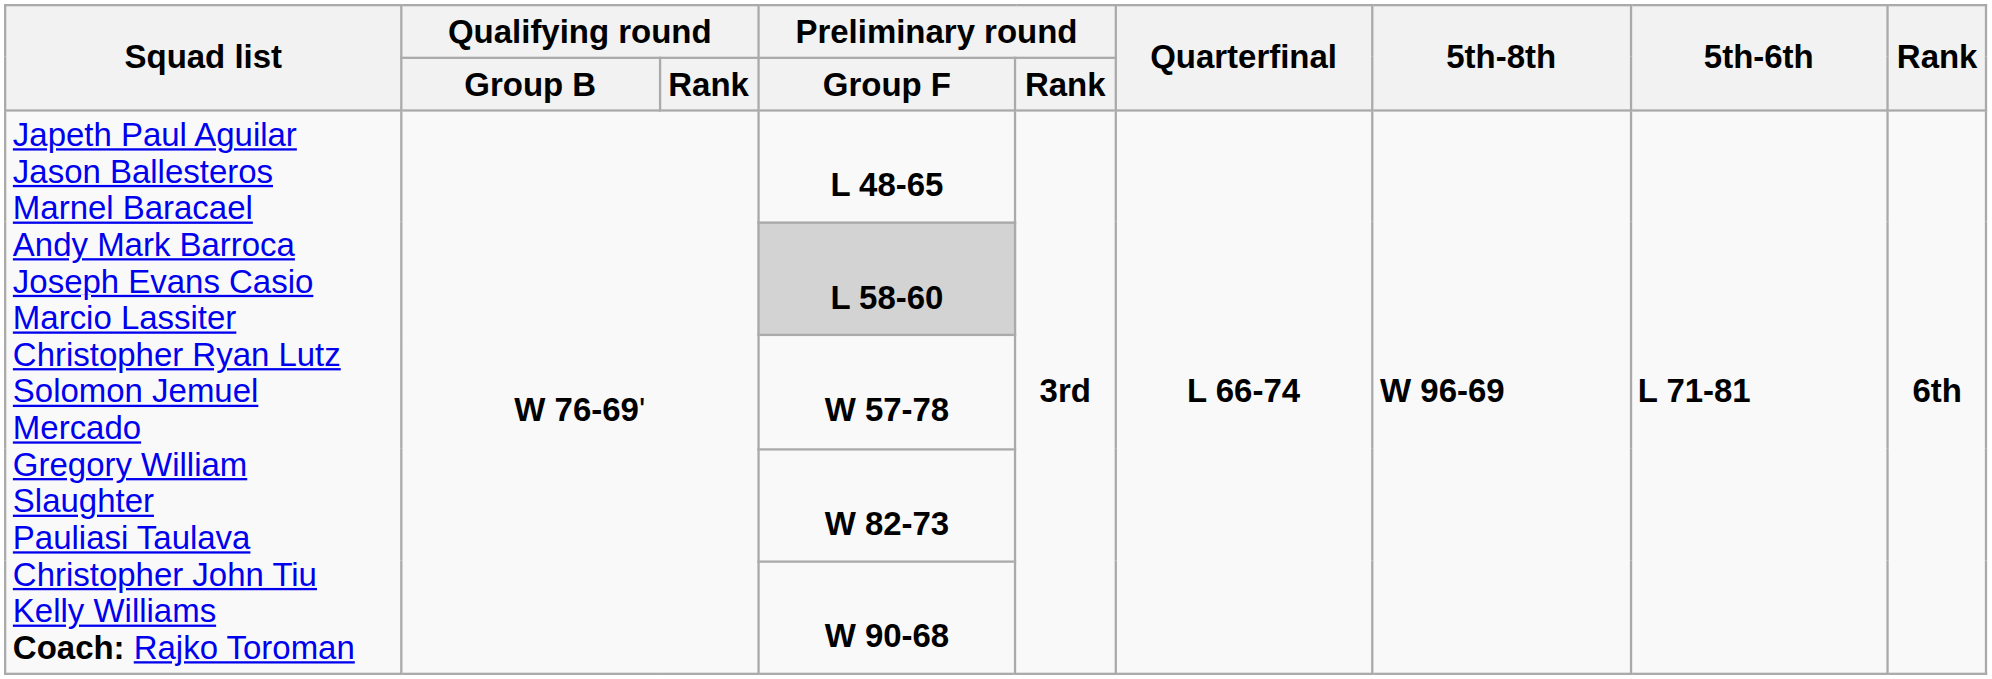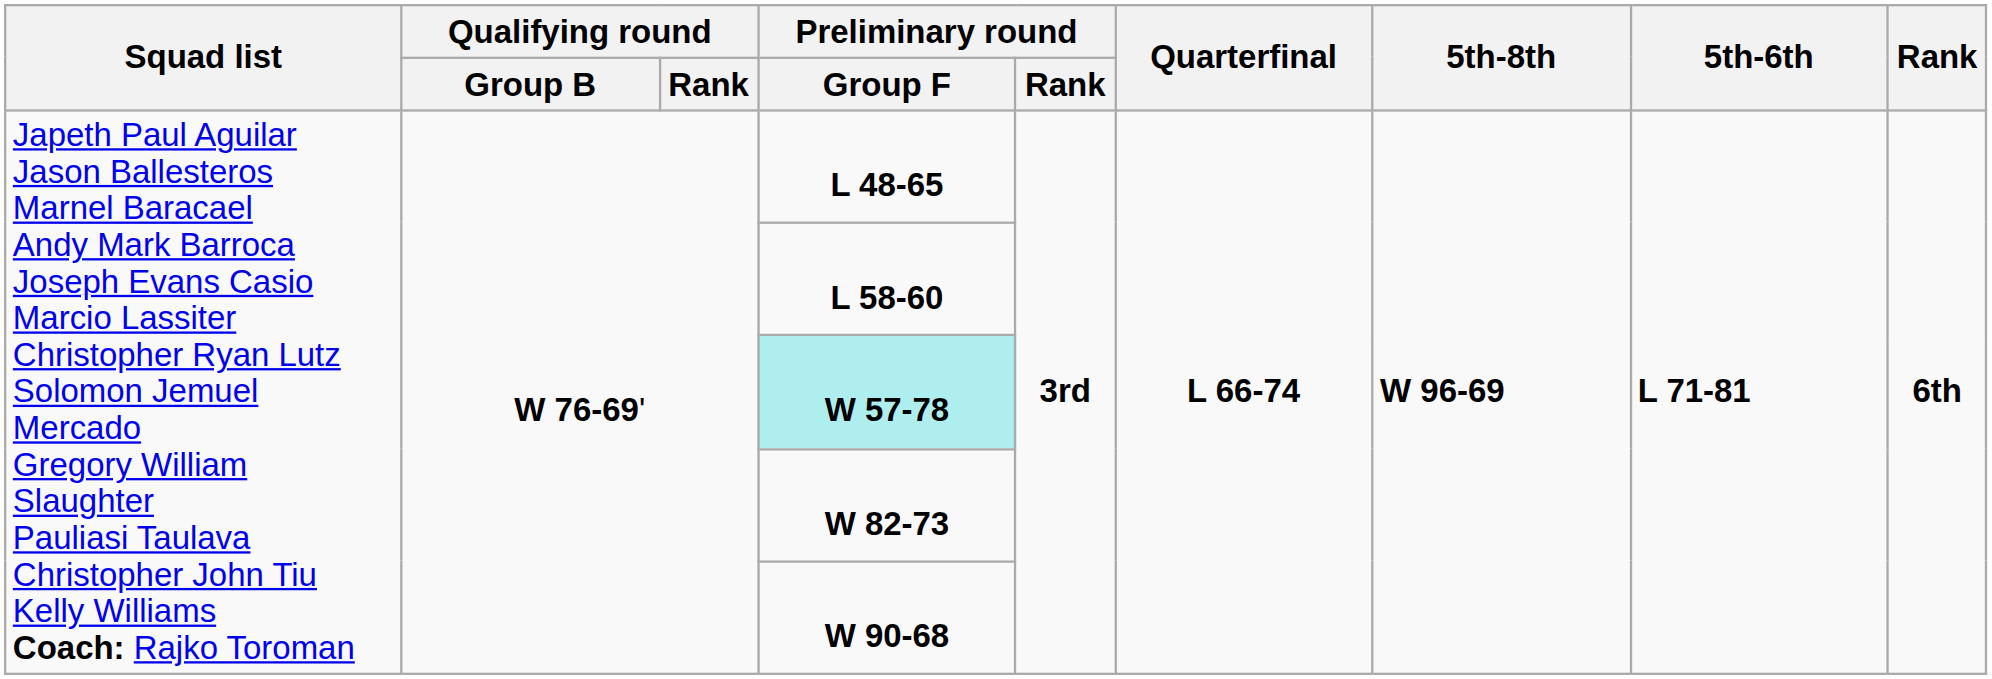 <table class="wikitable" width="98%" style="text-align:left; font-size:90%">
 <tr>
 <th rowspan="2" width="20%">Squad list</th>
 <th colspan="2">Qualifying round</th>
 <th colspan="2">Preliminary round</th>
 <th rowspan="2" width="13%">Quarterfinal</th>
 <th rowspan="2" width="13%">5th-8th</th>
 <th rowspan="2" width="13%">5th-6th</th>
 <th rowspan="2" width="5%">Rank</th>
 </tr>
 <tr>
 <th width="13%">Group B</th>
 <th width="5%">Rank</th>
 <th width="13%">Group F</th>
 <th width="5%">Rank</th>
 </tr>
 <tr>
 <td rowspan="5"><a href='#'>Japeth Paul Aguilar</a><br><a href='#'>Jason Ballesteros</a><br><a href='#'>Marnel Baracael</a><br><a href='#'>Andy Mark Barroca</a><br><a href='#'>Joseph Evans Casio</a><br><a href='#'>Marcio Lassiter</a><br><a href='#'>Christopher Ryan Lutz</a><br><a href='#'>Solomon Jemuel Mercado</a><br><a href='#'>Gregory William Slaughter</a><br><a href='#'>Pauliasi Taulava</a><br><a href='#'>Christopher John Tiu</a><br><a href='#'>Kelly Williams</a><br><strong>Coach:</strong>  <a href='#'>Rajko Toroman</a></td>
 <td rowspan="5" align="center"  colspan="2"> <br> <strong>W 76-69</strong>'</td>
 <td align=center><br> <strong>L 48-65</strong></td>
 <td rowspan="5" align=center><strong>3rd</strong></td>
 <td rowspan="5" align="center"> <strong>L 66-74</strong></td>
 <td rowspan="5"> <strong>W 96-69</strong></td>
 <td rowspan="5"> <strong>L 71-81</strong></td>
 <td rowspan="5" align="center"><strong>6th</strong></td>
 </tr>
 <tr>
-<td align=center style="background: lightgrey;"><br> <strong>L 58-60</strong></td>
+<td align=center><br> <strong>L 58-60</strong></td>
 </tr>
 <tr>
-<td align=center><br> <strong>W 57-78</strong></td>
+<td align=center style="background: paleturquoise;"><br> <strong>W 57-78</strong></td>
 </tr>
 <tr>
 <td align=center><br> <strong>W 82-73</strong></td>
 </tr>
 <tr>
 <td align=center><br> <strong>W 90-68</strong></td>
 </tr>
 </table>
